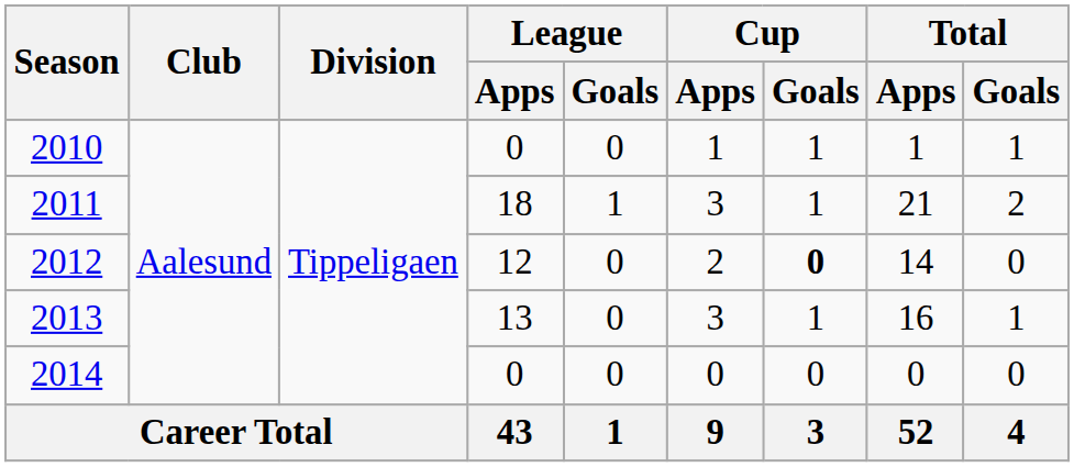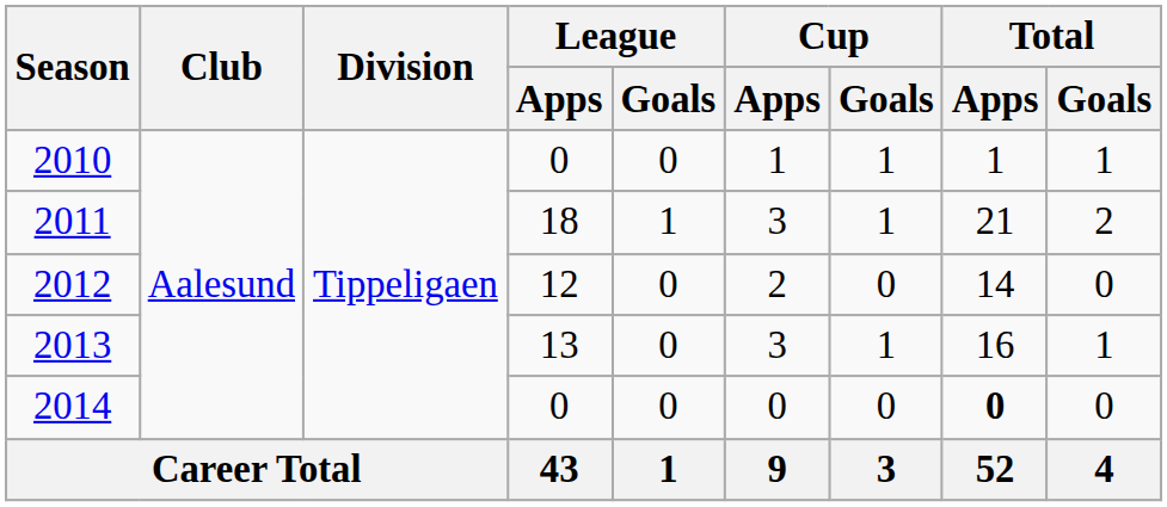 <table class="wikitable" style="text-align: center;">
 <tr>
 <th rowspan="2">Season</th>
 <th rowspan="2">Club</th>
 <th rowspan="2">Division</th>
 <th colspan="2">League</th>
 <th colspan="2">Cup</th>
 <th colspan="2">Total</th>
 </tr>
 <tr>
 <th>Apps</th>
 <th>Goals</th>
 <th>Apps</th>
 <th>Goals</th>
 <th>Apps</th>
 <th>Goals</th>
 </tr>
 <tr>
 <td><a href='#'>2010</a></td>
 <td rowspan="5" valign="center"><a href='#'>Aalesund</a></td>
 <td rowspan="5" valign="center"><a href='#'>Tippeligaen</a></td>
 <td>0</td>
 <td>0</td>
 <td>1</td>
 <td>1</td>
 <td>1</td>
 <td>1</td>
 </tr>
 <tr>
 <td><a href='#'>2011</a></td>
 <td>18</td>
 <td>1</td>
 <td>3</td>
 <td>1</td>
 <td>21</td>
 <td>2</td>
 </tr>
 <tr>
 <td><a href='#'>2012</a></td>
 <td>12</td>
 <td>0</td>
 <td>2</td>
-<td><strong>0</strong></td>
+<td>0</td>
 <td>14</td>
 <td>0</td>
 </tr>
 <tr>
 <td><a href='#'>2013</a></td>
 <td>13</td>
 <td>0</td>
 <td>3</td>
 <td>1</td>
 <td>16</td>
 <td>1</td>
 </tr>
 <tr>
 <td><a href='#'>2014</a></td>
 <td>0</td>
 <td>0</td>
 <td>0</td>
 <td>0</td>
-<td>0</td>
+<td><strong>0</strong></td>
 <td>0</td>
 </tr>
 <tr>
 <th colspan="3">Career Total</th>
 <th>43</th>
 <th>1</th>
 <th>9</th>
 <th>3</th>
 <th>52</th>
 <th>4</th>
 </tr>
 </table>
